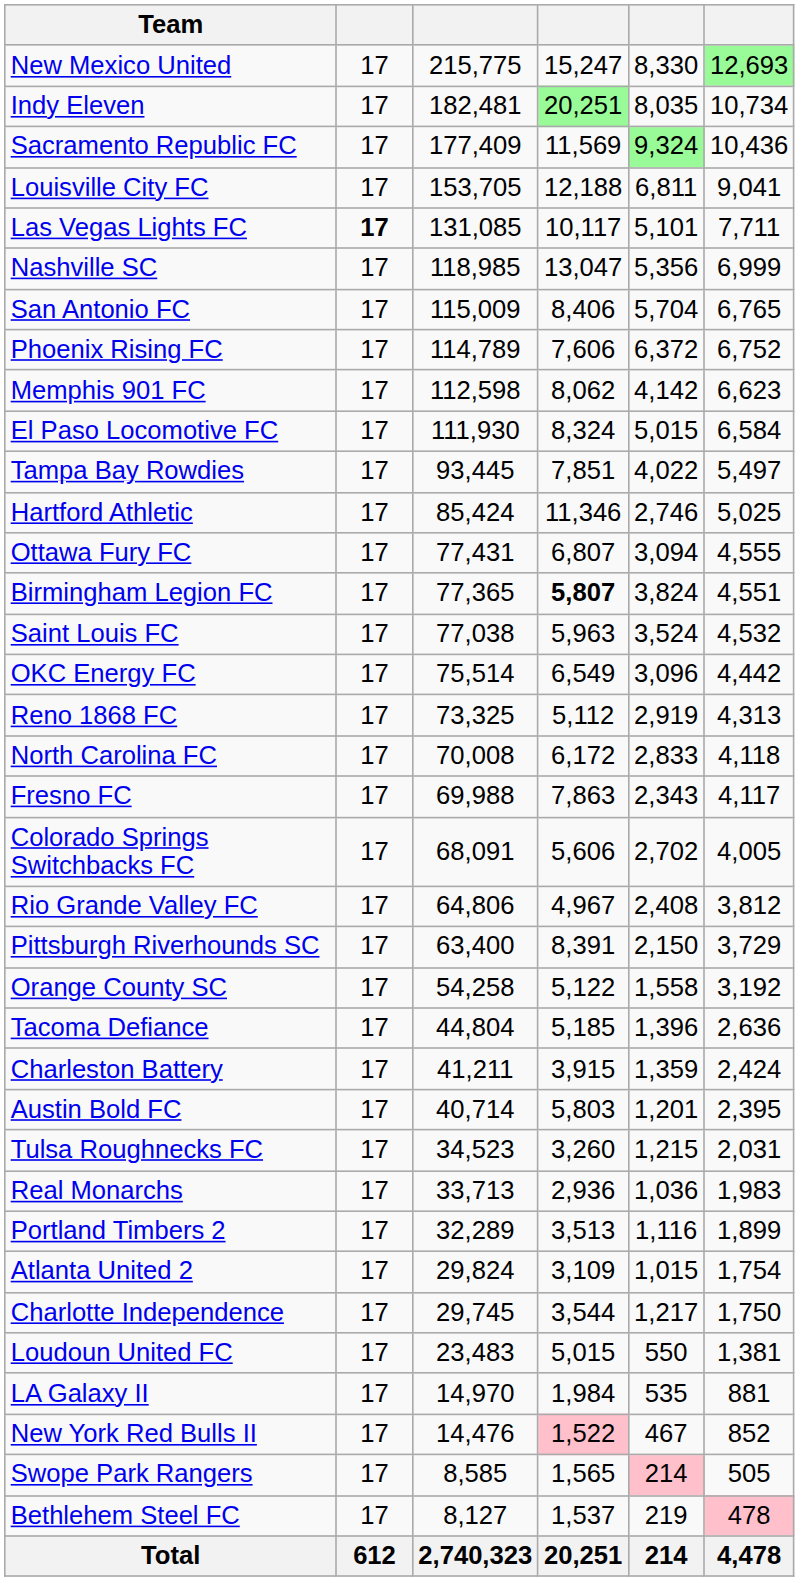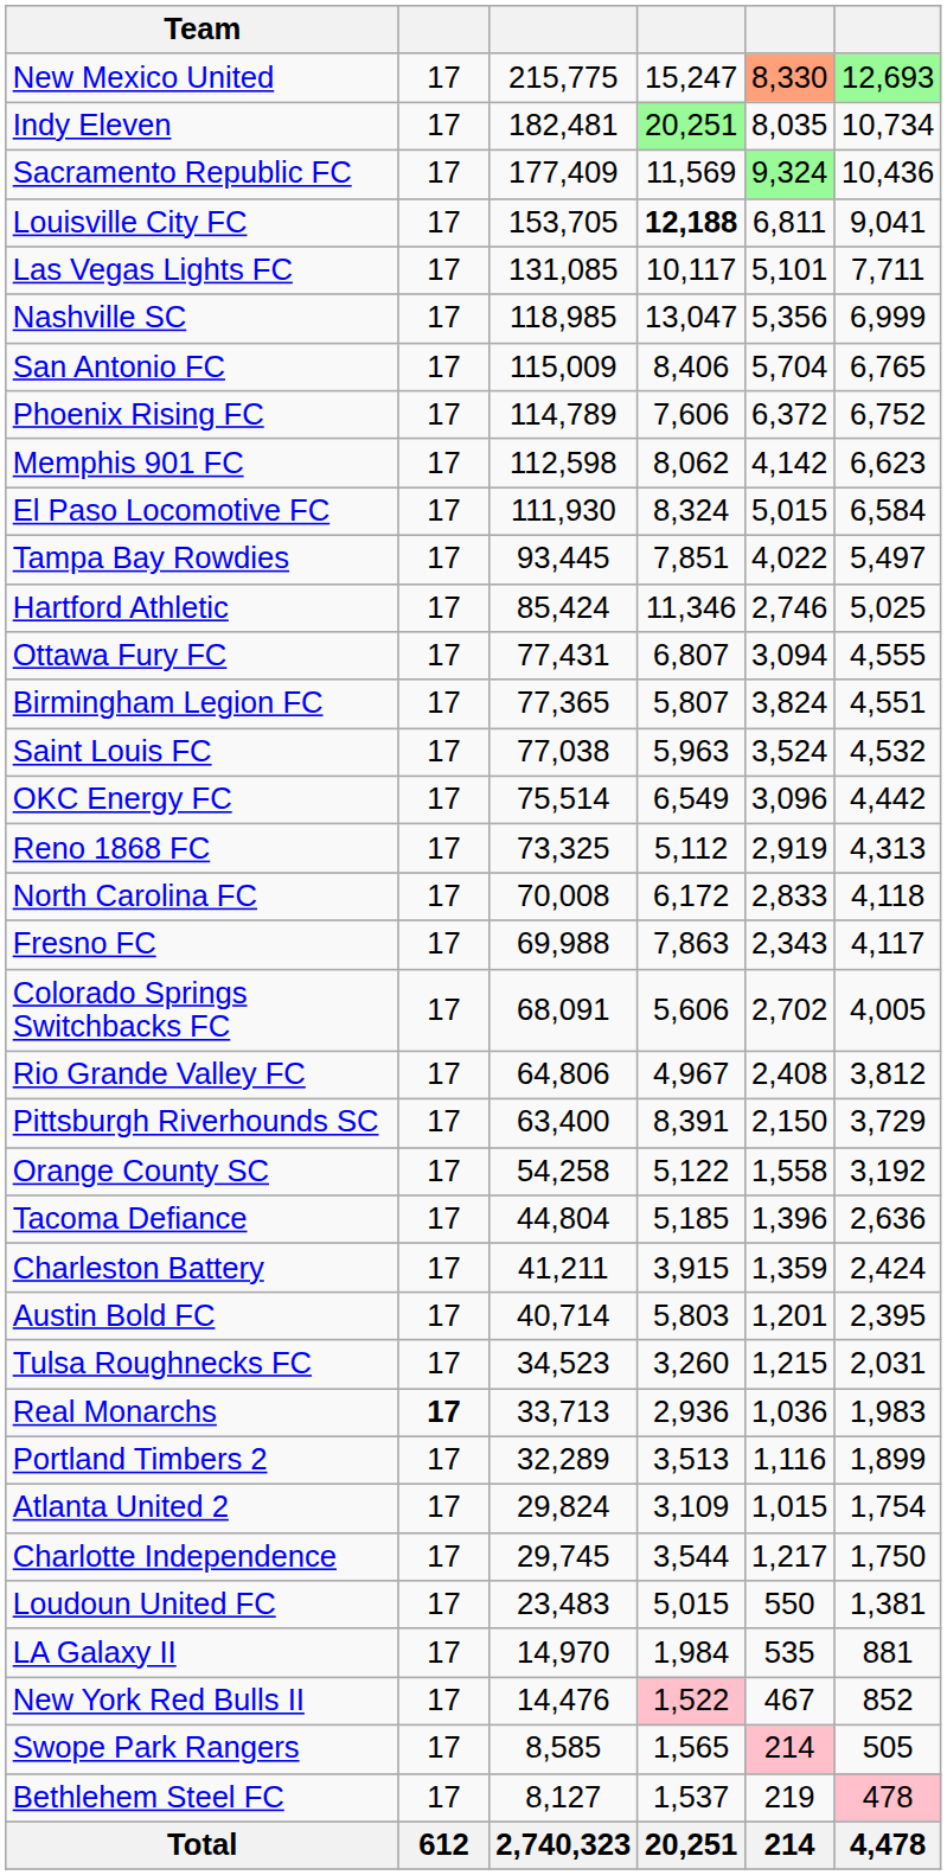 <table class="wikitable sortable">
 <tr>
 <th width=200>Team</th>
 <th width=40></th>
 <th width=40></th>
 <th width=40></th>
 <th width=40></th>
 <th width=40></th>
 </tr>
 <tr align=center>
 <td align=left><a href='#'>New Mexico United</a></td>
 <td>17</td>
 <td>215,775</td>
 <td>15,247</td>
-<td>8,330</td>
+<td style="background: lightsalmon;">8,330</td>
 <td bgcolor="#98fb98">12,693</td>
 </tr>
 <tr align=center>
 <td align=left><a href='#'>Indy Eleven</a></td>
 <td>17</td>
 <td>182,481</td>
 <td bgcolor="#98fb98">20,251</td>
 <td>8,035</td>
 <td>10,734</td>
 </tr>
 <tr align=center>
 <td align=left><a href='#'>Sacramento Republic FC</a></td>
 <td>17</td>
 <td>177,409</td>
 <td>11,569</td>
 <td bgcolor="#98fb98">9,324</td>
 <td>10,436</td>
 </tr>
 <tr align=center>
 <td align=left><a href='#'>Louisville City FC</a></td>
 <td>17</td>
 <td>153,705</td>
-<td>12,188</td>
+<td><strong>12,188</strong></td>
 <td>6,811</td>
 <td>9,041</td>
 </tr>
 <tr align=center>
 <td align=left><a href='#'>Las Vegas Lights FC</a></td>
-<td><strong>17</strong></td>
+<td>17</td>
 <td>131,085</td>
 <td>10,117</td>
 <td>5,101</td>
 <td>7,711</td>
 </tr>
 <tr align=center>
 <td align=left><a href='#'>Nashville SC</a></td>
 <td>17</td>
 <td>118,985</td>
 <td>13,047</td>
 <td>5,356</td>
 <td>6,999</td>
 </tr>
 <tr align=center>
 <td align=left><a href='#'>San Antonio FC</a></td>
 <td>17</td>
 <td>115,009</td>
 <td>8,406</td>
 <td>5,704</td>
 <td>6,765</td>
 </tr>
 <tr align=center>
 <td align=left><a href='#'>Phoenix Rising FC</a></td>
 <td>17</td>
 <td>114,789</td>
 <td>7,606</td>
 <td>6,372</td>
 <td>6,752</td>
 </tr>
 <tr align=center>
 <td align=left><a href='#'>Memphis 901 FC</a></td>
 <td>17</td>
 <td>112,598</td>
 <td>8,062</td>
 <td>4,142</td>
 <td>6,623</td>
 </tr>
 <tr align=center>
 <td align=left><a href='#'>El Paso Locomotive FC</a></td>
 <td>17</td>
 <td>111,930</td>
 <td>8,324</td>
 <td>5,015</td>
 <td>6,584</td>
 </tr>
 <tr align=center>
 <td align=left><a href='#'>Tampa Bay Rowdies</a></td>
 <td>17</td>
 <td>93,445</td>
 <td>7,851</td>
 <td>4,022</td>
 <td>5,497</td>
 </tr>
 <tr align=center>
 <td align=left><a href='#'>Hartford Athletic</a></td>
 <td>17</td>
 <td>85,424</td>
 <td>11,346</td>
 <td>2,746</td>
 <td>5,025</td>
 </tr>
 <tr align=center>
 <td align=left><a href='#'>Ottawa Fury FC</a></td>
 <td>17</td>
 <td>77,431</td>
 <td>6,807</td>
 <td>3,094</td>
 <td>4,555</td>
 </tr>
 <tr align=center>
 <td align=left><a href='#'>Birmingham Legion FC</a></td>
 <td>17</td>
 <td>77,365</td>
-<td><strong>5,807</strong></td>
+<td>5,807</td>
 <td>3,824</td>
 <td>4,551</td>
 </tr>
 <tr align=center>
 <td align=left><a href='#'>Saint Louis FC</a></td>
 <td>17</td>
 <td>77,038</td>
 <td>5,963</td>
 <td>3,524</td>
 <td>4,532</td>
 </tr>
 <tr align=center>
 <td align=left><a href='#'>OKC Energy FC</a></td>
 <td>17</td>
 <td>75,514</td>
 <td>6,549</td>
 <td>3,096</td>
 <td>4,442</td>
 </tr>
 <tr align=center>
 <td align=left><a href='#'>Reno 1868 FC</a></td>
 <td>17</td>
 <td>73,325</td>
 <td>5,112</td>
 <td>2,919</td>
 <td>4,313</td>
 </tr>
 <tr align=center>
 <td align=left><a href='#'>North Carolina FC</a></td>
 <td>17</td>
 <td>70,008</td>
 <td>6,172</td>
 <td>2,833</td>
 <td>4,118</td>
 </tr>
 <tr align=center>
 <td align=left><a href='#'>Fresno FC</a></td>
 <td>17</td>
 <td>69,988</td>
 <td>7,863</td>
 <td>2,343</td>
 <td>4,117</td>
 </tr>
 <tr align=center>
 <td align=left><a href='#'>Colorado Springs Switchbacks FC</a></td>
 <td>17</td>
 <td>68,091</td>
 <td>5,606</td>
 <td>2,702</td>
 <td>4,005</td>
 </tr>
 <tr align=center>
 <td align=left><a href='#'>Rio Grande Valley FC</a></td>
 <td>17</td>
 <td>64,806</td>
 <td>4,967</td>
 <td>2,408</td>
 <td>3,812</td>
 </tr>
 <tr align=center>
 <td align=left><a href='#'>Pittsburgh Riverhounds SC</a></td>
 <td>17</td>
 <td>63,400</td>
 <td>8,391</td>
 <td>2,150</td>
 <td>3,729</td>
 </tr>
 <tr align=center>
 <td align=left><a href='#'>Orange County SC</a></td>
 <td>17</td>
 <td>54,258</td>
 <td>5,122</td>
 <td>1,558</td>
 <td>3,192</td>
 </tr>
 <tr align=center>
 <td align=left><a href='#'>Tacoma Defiance</a></td>
 <td>17</td>
 <td>44,804</td>
 <td>5,185</td>
 <td>1,396</td>
 <td>2,636</td>
 </tr>
 <tr align=center>
 <td align=left><a href='#'>Charleston Battery</a></td>
 <td>17</td>
 <td>41,211</td>
 <td>3,915</td>
 <td>1,359</td>
 <td>2,424</td>
 </tr>
 <tr align=center>
 <td align=left><a href='#'>Austin Bold FC</a></td>
 <td>17</td>
 <td>40,714</td>
 <td>5,803</td>
 <td>1,201</td>
 <td>2,395</td>
 </tr>
 <tr align=center>
 <td align=left><a href='#'>Tulsa Roughnecks FC</a></td>
 <td>17</td>
 <td>34,523</td>
 <td>3,260</td>
 <td>1,215</td>
 <td>2,031</td>
 </tr>
 <tr align=center>
 <td align=left><a href='#'>Real Monarchs</a></td>
-<td>17</td>
+<td><strong>17</strong></td>
 <td>33,713</td>
 <td>2,936</td>
 <td>1,036</td>
 <td>1,983</td>
 </tr>
 <tr align=center>
 <td align=left><a href='#'>Portland Timbers 2</a></td>
 <td>17</td>
 <td>32,289</td>
 <td>3,513</td>
 <td>1,116</td>
 <td>1,899</td>
 </tr>
 <tr align=center>
 <td align=left><a href='#'>Atlanta United 2</a></td>
 <td>17</td>
 <td>29,824</td>
 <td>3,109</td>
 <td>1,015</td>
 <td>1,754</td>
 </tr>
 <tr align=center>
 <td align=left><a href='#'>Charlotte Independence</a></td>
 <td>17</td>
 <td>29,745</td>
 <td>3,544</td>
 <td>1,217</td>
 <td>1,750</td>
 </tr>
 <tr align=center>
 <td align=left><a href='#'>Loudoun United FC</a></td>
 <td>17</td>
 <td>23,483</td>
 <td>5,015</td>
 <td>550</td>
 <td>1,381</td>
 </tr>
 <tr align=center>
 <td align=left><a href='#'>LA Galaxy II</a></td>
 <td>17</td>
 <td>14,970</td>
 <td>1,984</td>
 <td>535</td>
 <td>881</td>
 </tr>
 <tr align=center>
 <td align=left><a href='#'>New York Red Bulls II</a></td>
 <td>17</td>
 <td>14,476</td>
 <td bgcolor="#ffc0cb">1,522</td>
 <td>467</td>
 <td>852</td>
 </tr>
 <tr align=center>
 <td align=left><a href='#'>Swope Park Rangers</a></td>
 <td>17</td>
 <td>8,585</td>
 <td>1,565</td>
 <td bgcolor="#ffc0cb">214</td>
 <td>505</td>
 </tr>
 <tr align=center>
 <td align=left><a href='#'>Bethlehem Steel FC</a></td>
 <td>17</td>
 <td>8,127</td>
 <td>1,537</td>
 <td>219</td>
 <td bgcolor="#ffc0cb">478</td>
 </tr>
 <tr align=center>
 <th align=left>Total</th>
 <th>612</th>
 <th>2,740,323</th>
 <th>20,251</th>
 <th>214</th>
 <th>4,478</th>
 </tr>
 </table>
